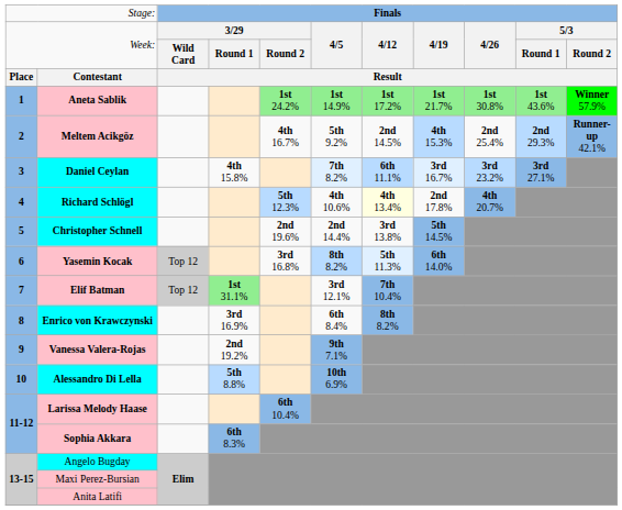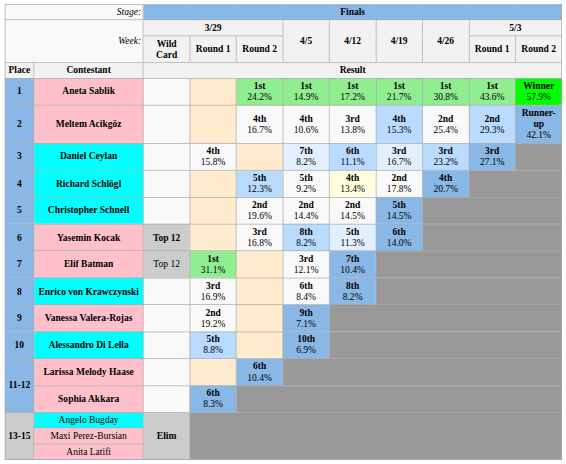 <table class="wikitable" style="margin:1em auto; text-align:center; font-size:85%">
 <tr>
 <td colspan="2" style="text-align:right;"><em>Stage:</em></td>
 <td colspan="9" style="background:#8ab8e6;"><strong>Finals</strong></td>
 </tr>
 <tr>
 <td colspan="2" style="text-align:right;" rowspan=2><em>Week:</em></td>
 <th style="width:60px;" colspan=3 rowspan=1>3/29</th>
 <th style="width:60px;" rowspan=2>4/5</th>
 <th style="width:60px;" rowspan=2>4/12</th>
 <th style="width:60px;" rowspan=2>4/19</th>
 <th style="width:60px;" rowspan=2>4/26</th>
 <th style="width:90px;" colspan=2 rowspan=1>5/3</th>
 </tr>
 <tr>
 <th style="width:60px;" rowspan=1>Wild Card</th>
 <th style="width:60px;" rowspan=1>Round 1</th>
 <th style="width:60px;" rowspan=1>Round 2</th>
 <th style="width:60px;" rowspan=1>Round 1</th>
 <th style="width:60px;" rowspan=1>Round 2</th>
 </tr>
 <tr>
 <th style="width:35px;">Place</th>
 <th style="width:150px;">Contestant</th>
 <th colspan="9">Result</th>
 </tr>
 <tr>
 <td style="background:#8ab8e6;"><strong>1</strong></td>
 <td style="background:pink;"><strong>Aneta Sablik</strong></td>
 <td></td>
 <td style="background:#FFEBCD;"></td>
 <td bgcolor="lightgreen"><strong>1st</strong><br>24.2%</td>
 <td bgcolor="lightgreen"><strong>1st</strong><br>14.9%</td>
 <td bgcolor="lightgreen"><strong>1st</strong><br>17.2%</td>
 <td bgcolor="lightgreen"><strong>1st</strong><br>21.7%</td>
 <td bgcolor="lightgreen"><strong>1st</strong><br>30.8%</td>
 <td bgcolor="lightgreen"><strong>1st</strong><br>43.6%</td>
 <td bgcolor="lime"><strong>Winner</strong><br>57.9%</td>
 </tr>
 <tr>
 <td style="background:#8ab8e6;"><strong>2</strong></td>
 <td style="background:pink;"><strong>Meltem Acikgöz</strong></td>
 <td></td>
 <td style="background:#FFEBCD;"></td>
 <td><strong>4th</strong><br>16.7%</td>
-<td><strong>5th</strong><br>9.2%</td>
-<td><strong>2nd</strong><br>14.5%</td>
+<td><strong>4th</strong><br>10.6%</td>
+<td><strong>3rd</strong><br>13.8%</td>
 <td style="background:#b8dbff;"><strong>4th</strong><br>15.3%</td>
 <td><strong>2nd</strong><br>25.4%</td>
 <td style="background:#b8dbff;"><strong>2nd</strong><br>29.3%</td>
 <td style="background:#8ab8e6;" rowspan=1><strong>Runner-up</strong><br>42.1%</td>
 </tr>
 <tr>
 <td style="background:#8ab8e6;"><strong>3</strong></td>
 <td style="background:cyan;"><strong>Daniel Ceylan</strong></td>
 <td></td>
 <td><strong>4th</strong><br>15.8%</td>
 <td style="background:#FFEBCD;"></td>
 <td style="background:#E0F0FF;"><strong>7th</strong><br>8.2%</td>
 <td style="background:#b8dbff;"><strong>6th</strong><br>11.1%</td>
 <td style="background:#E0F0FF;"><strong>3rd</strong><br>16.7%</td>
 <td style="background:#b8dbff;"><strong>3rd</strong><br>23.2%</td>
 <td style="background:#8ab8e6;" rowspan=1><strong>3rd</strong><br>27.1%</td>
 <td style="background:#999999;" colspan=1 rowspan=1></td>
 </tr>
 <tr>
 <td style="background:#8ab8e6;"><strong>4</strong></td>
 <td style="background:cyan;"><strong>Richard Schlögl</strong></td>
 <td></td>
 <td style="background:#FFEBCD;"></td>
 <td style="background:#b8dbff;"><strong>5th</strong><br>12.3%</td>
-<td><strong>4th</strong><br>10.6%</td>
+<td><strong>5th</strong><br>9.2%</td>
 <td style="background: lightyellow;"><strong>4th</strong><br>13.4%</td>
 <td><strong>2nd</strong><br>17.8%</td>
 <td style="background:#8ab8e6;" rowspan=1><strong>4th</strong><br>20.7%</td>
 <td style="background:#999999;" colspan=2 rowspan=1></td>
 </tr>
 <tr>
 <td style="background:#8ab8e6;" rowspan=1><strong>5</strong></td>
 <td style="background:cyan;"><strong>Christopher Schnell</strong></td>
 <td></td>
 <td style="background:#FFEBCD;"></td>
 <td><strong>2nd</strong><br>19.6%</td>
 <td><strong>2nd</strong><br>14.4%</td>
-<td><strong>3rd</strong><br>13.8%</td>
+<td><strong>2nd</strong><br>14.5%</td>
 <td style="background:#8ab8e6;" rowspan=1><strong>5th</strong><br>14.5%</td>
 <td style="background:#999999;" colspan=3 rowspan=1></td>
 </tr>
 <tr>
 <td style="background:#8ab8e6;" rowspan=1><strong>6</strong></td>
 <td style="background:pink;"><strong>Yasemin Kocak</strong></td>
-<td style="background:#cccccc;">Top 12</td>
+<td style="background:#cccccc;"><strong>Top 12</strong></td>
 <td style="background:#FFEBCD;"></td>
 <td><strong>3rd</strong><br>16.8%</td>
 <td style="background:#b8dbff;"><strong>8th</strong><br>8.2%</td>
 <td style="background:#E0F0FF;"><strong>5th</strong><br>11.3%</td>
 <td style="background:#8ab8e6;" rowspan=1><strong>6th</strong><br>14.0%</td>
 <td style="background:#999999;" colspan=3 rowspan=1></td>
 </tr>
 <tr>
 <td style="background:#8ab8e6;" rowspan=1><strong>7</strong></td>
 <td style="background:pink;"><strong>Elif Batman</strong></td>
 <td style="background:#cccccc;">Top 12</td>
 <td bgcolor="lightgreen"><strong>1st</strong><br>31.1%</td>
 <td style="background:#FFEBCD;"></td>
 <td><strong>3rd</strong><br>12.1%</td>
 <td style="background:#8ab8e6;" rowspan=1><strong>7th</strong><br>10.4%</td>
 <td style="background:#999999;" colspan=4 rowspan=1></td>
 </tr>
 <tr>
 <td style="background:#8ab8e6;" rowspan=1><strong>8</strong></td>
 <td style="background:cyan;"><strong>Enrico von Krawczynski</strong></td>
 <td></td>
 <td><strong>3rd</strong><br>16.9%</td>
 <td style="background:#FFEBCD;"></td>
 <td><strong>6th</strong><br>8.4%</td>
 <td style="background:#8ab8e6;" rowspan=1><strong>8th</strong><br>8.2%</td>
 <td style="background:#999999;" colspan=4 rowspan=1></td>
 </tr>
 <tr>
 <td style="background:#8ab8e6;" rowspan=1><strong>9</strong></td>
 <td style="background:pink;"><strong>Vanessa Valera-Rojas</strong></td>
 <td></td>
 <td><strong>2nd</strong><br>19.2%</td>
 <td style="background:#FFEBCD;"></td>
 <td style="background:#8ab8e6;" rowspan=1><strong>9th</strong><br>7.1%</td>
 <td style="background:#999999;" colspan=5 rowspan=1></td>
 </tr>
 <tr>
 <td style="background:#8ab8e6;" rowspan=1><strong>10</strong></td>
 <td style="background:cyan;"><strong>Alessandro Di Lella</strong></td>
 <td></td>
 <td style="background:#b8dbff;"><strong>5th</strong><br>8.8%</td>
 <td style="background:#FFEBCD;"></td>
 <td style="background:#8ab8e6;" rowspan=1><strong>10th</strong><br>6.9%</td>
 <td style="background:#999999;" colspan=5 rowspan=1></td>
 </tr>
 <tr>
 <td style="background:#8ab8e6;" rowspan=2><strong>11-12</strong></td>
 <td style="background:pink;"><strong>Larissa Melody Haase</strong></td>
 <td></td>
 <td style="background:#FFEBCD;"></td>
 <td style="background:#8ab8e6;"><strong>6th</strong><br>10.4%</td>
 <td style="background:#999999;" colspan=6></td>
 </tr>
 <tr>
 <td style="background:pink;"><strong>Sophia Akkara</strong></td>
 <td></td>
 <td style="background:#8ab8e6;"><strong>6th</strong><br>8.3%</td>
 <td style="background:#999999;" colspan=7></td>
 </tr>
 <tr>
 <td style="background:#cccccc;" rowspan=3><strong>13-15</strong></td>
 <td style="background:cyan;">Angelo Bugday</td>
 <td style="background:#cccccc;" rowspan=3><strong>Elim</strong></td>
 <td style="background:#999999;" rowspan=3 colspan=8></td>
 </tr>
 <tr>
 <td style="background:pink;">Maxi Perez-Bursian</td>
 </tr>
 <tr>
 <td style="background:pink;">Anita Latifi</td>
 </tr>
 <tr>
 </tr>
 </table>
